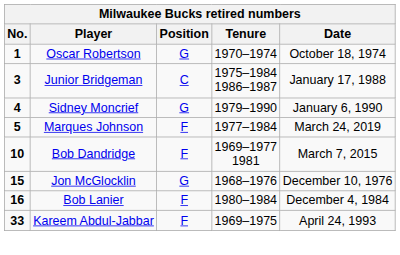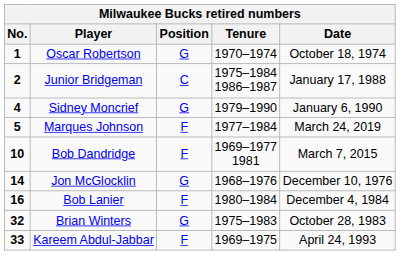 <table class="wikitable sortable" style="text-align:center">
 <tr>
 <th colspan="5">Milwaukee Bucks retired numbers</th>
 </tr>
 <tr>
 <th>No.</th>
 <th>Player</th>
 <th>Position</th>
 <th>Tenure</th>
 <th>Date</th>
 </tr>
 <tr>
 <td><strong>1</strong></td>
 <td><a href='#'>Oscar Robertson</a></td>
 <td><a href='#'>G</a></td>
 <td>1970–1974</td>
 <td>October 18, 1974</td>
 </tr>
 <tr>
-<td><strong>3</strong></td>
+<td><strong>2</strong></td>
 <td><a href='#'>Junior Bridgeman</a></td>
 <td><a href='#'>C</a></td>
 <td>1975–1984<br>1986–1987</td>
 <td>January 17, 1988</td>
 </tr>
 <tr>
 <td><strong>4</strong></td>
 <td><a href='#'>Sidney Moncrief</a></td>
 <td><a href='#'>G</a></td>
 <td>1979–1990</td>
 <td>January 6, 1990</td>
 </tr>
 <tr>
 <td><strong>5</strong></td>
 <td><a href='#'>Marques Johnson</a></td>
 <td><a href='#'>F</a></td>
 <td>1977–1984</td>
 <td>March 24, 2019</td>
 </tr>
 <tr>
 <td><strong>10</strong></td>
 <td><a href='#'>Bob Dandridge</a></td>
 <td><a href='#'>F</a></td>
 <td>1969–1977<br>1981</td>
 <td>March 7, 2015</td>
 </tr>
 <tr>
-<td><strong>15</strong></td>
+<td><strong>14</strong></td>
 <td><a href='#'>Jon McGlocklin</a></td>
 <td><a href='#'>G</a></td>
 <td>1968–1976</td>
 <td>December 10, 1976</td>
 </tr>
 <tr>
 <td><strong>16</strong></td>
 <td><a href='#'>Bob Lanier</a></td>
 <td><a href='#'>F</a></td>
 <td>1980–1984</td>
 <td>December 4, 1984</td>
 </tr>
 <tr>
+<td><strong>32</strong></td>
+<td><a href='#'>Brian Winters</a></td>
+<td><a href='#'>G</a></td>
+<td>1975–1983</td>
+<td>October 28, 1983</td>
+</tr>
+<tr>
 <td><strong>33</strong></td>
 <td><a href='#'>Kareem Abdul-Jabbar</a></td>
 <td><a href='#'>F</a></td>
 <td>1969–1975</td>
 <td>April 24, 1993</td>
 </tr>
 </table>
